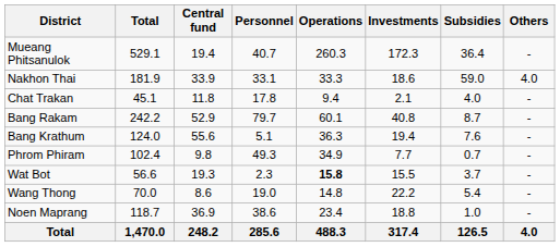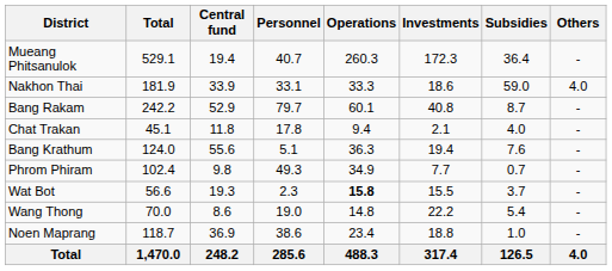 <table class="wikitable sortable">
 <tr>
 <th style="width:140px;">District</th>
 <th style="width:70px;">Total</th>
 <th style="width:70px;">Central fund</th>
 <th style="width:70px;">Personnel</th>
 <th style="width:80px;">Operations</th>
 <th style="widht:80px;">Investments</th>
 <th style="width:70px;">Subsidies</th>
 <th style="width:60px;">Others</th>
 </tr>
 <tr>
 <td>Mueang Phitsanulok</td>
 <td style="text-align:center;">529.1</td>
 <td style="text-align:center;">19.4</td>
 <td style="text-align:center;">40.7</td>
 <td style="text-align:center;">260.3</td>
 <td style="text-align:center;">172.3</td>
 <td style="text-align:center;">36.4</td>
 <td style="text-align:center;">-</td>
 </tr>
 <tr>
 <td>Nakhon Thai</td>
 <td style="text-align:center;">181.9</td>
 <td style="text-align:center;">33.9</td>
 <td style="text-align:center;">33.1</td>
 <td style="text-align:center;">33.3</td>
 <td style="text-align:center;">18.6</td>
 <td style="text-align:center;">59.0</td>
 <td style="text-align:center;">4.0</td>
 </tr>
 <tr>
+<td>Bang Rakam</td>
+<td style="text-align:center;">242.2</td>
+<td style="text-align:center;">52.9</td>
+<td style="text-align:center;">79.7</td>
+<td style="text-align:center;">60.1</td>
+<td style="text-align:center;">40.8</td>
+<td style="text-align:center;">8.7</td>
+<td style="text-align:center;">-</td>
+</tr>
+<tr>
 <td>Chat Trakan</td>
 <td style="text-align:center;">45.1</td>
 <td style="text-align:center;">11.8</td>
 <td style="text-align:center;">17.8</td>
 <td style="text-align:center;">9.4</td>
 <td style="text-align:center;">2.1</td>
 <td style="text-align:center;">4.0</td>
-<td style="text-align:center;">-</td>
-</tr>
-<tr>
-<td>Bang Rakam</td>
-<td style="text-align:center;">242.2</td>
-<td style="text-align:center;">52.9</td>
-<td style="text-align:center;">79.7</td>
-<td style="text-align:center;">60.1</td>
-<td style="text-align:center;">40.8</td>
-<td style="text-align:center;">8.7</td>
 <td style="text-align:center;">-</td>
 </tr>
 <tr>
 <td>Bang Krathum</td>
 <td style="text-align:center;">124.0</td>
 <td style="text-align:center;">55.6</td>
 <td style="text-align:center;">5.1</td>
 <td style="text-align:center;">36.3</td>
 <td style="text-align:center;">19.4</td>
 <td style="text-align:center;">7.6</td>
 <td style="text-align:center;">-</td>
 </tr>
 <tr>
 <td>Phrom Phiram</td>
 <td style="text-align:center;">102.4</td>
 <td style="text-align:center;">9.8</td>
 <td style="text-align:center;">49.3</td>
 <td style="text-align:center;">34.9</td>
 <td style="text-align:center;">7.7</td>
 <td style="text-align:center;">0.7</td>
 <td style="text-align:center;">-</td>
 </tr>
 <tr>
 <td>Wat Bot</td>
 <td style="text-align:center;">56.6</td>
 <td style="text-align:center;">19.3</td>
 <td style="text-align:center;">2.3</td>
 <td style="text-align:center;"><strong>15.8</strong></td>
 <td style="text-align:center;">15.5</td>
 <td style="text-align:center;">3.7</td>
 <td style="text-align:center;">-</td>
 </tr>
 <tr>
 <td>Wang Thong</td>
 <td style="text-align:center;">70.0</td>
 <td style="text-align:center;">8.6</td>
 <td style="text-align:center;">19.0</td>
 <td style="text-align:center;">14.8</td>
 <td style="text-align:center;">22.2</td>
 <td style="text-align:center;">5.4</td>
 <td style="text-align:center;">-</td>
 </tr>
 <tr>
 <td>Noen Maprang</td>
 <td style="text-align:center;">118.7</td>
 <td style="text-align:center;">36.9</td>
 <td style="text-align:center;">38.6</td>
 <td style="text-align:center;">23.4</td>
 <td style="text-align:center;">18.8</td>
 <td style="text-align:center;">1.0</td>
 <td style="text-align:center;">-</td>
 </tr>
 <tr>
 <th>Total</th>
 <th>1,470.0</th>
 <th>248.2</th>
 <th>285.6</th>
 <th>488.3</th>
 <th>317.4</th>
 <th>126.5</th>
 <th>4.0</th>
 </tr>
 </table>
